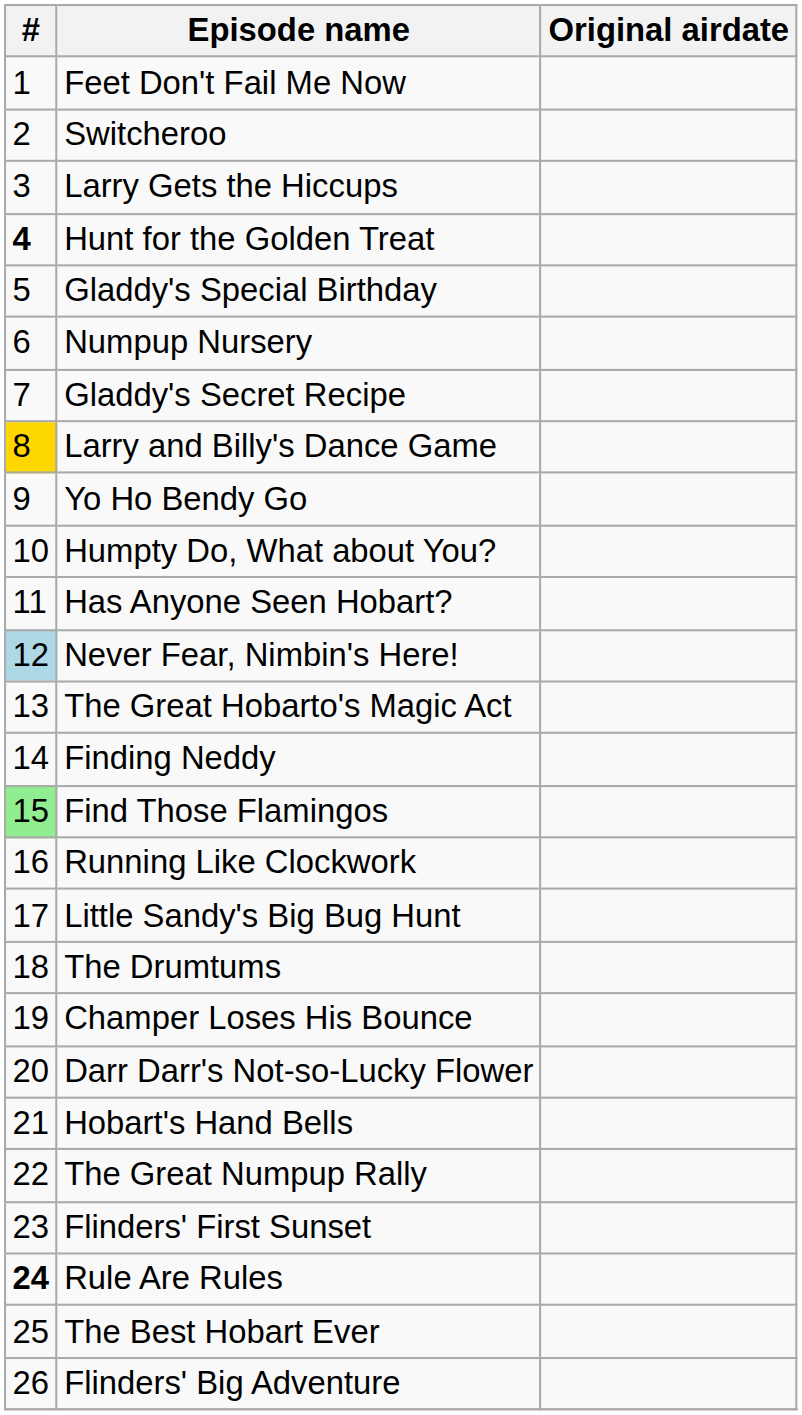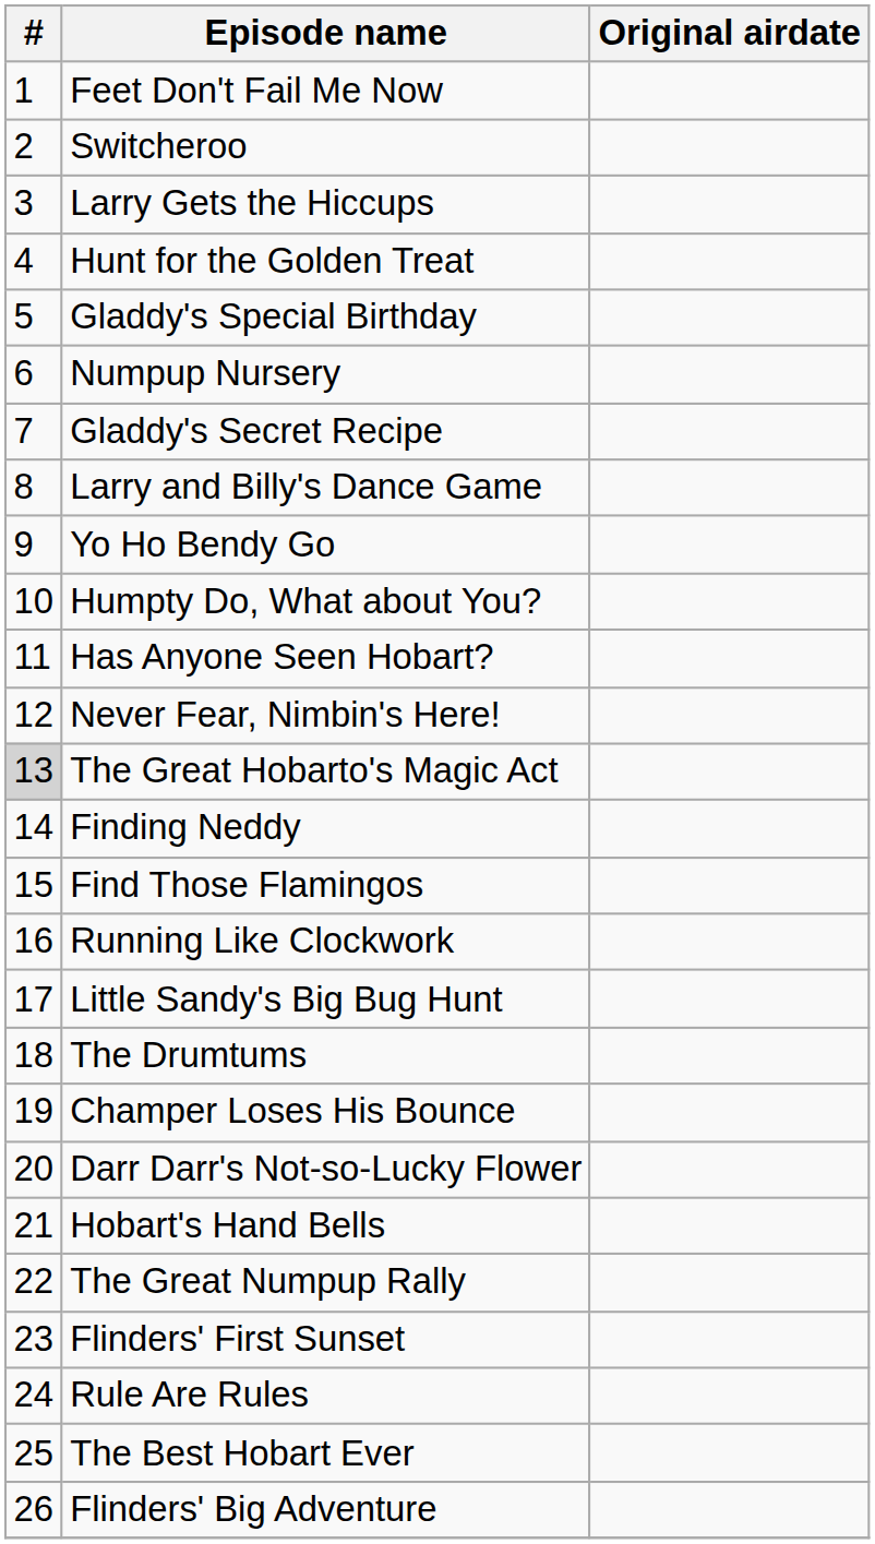 <table class="wikitable">
 <tr>
 <th>#</th>
 <th>Episode name</th>
 <th>Original airdate</th>
 </tr>
 <tr>
 <td>1</td>
 <td>Feet Don't Fail Me Now</td>
 <td></td>
 </tr>
 <tr>
 <td>2</td>
 <td>Switcheroo</td>
 <td></td>
 </tr>
 <tr>
 <td>3</td>
 <td>Larry Gets the Hiccups</td>
 <td></td>
 </tr>
 <tr>
-<td><strong>4</strong></td>
+<td>4</td>
 <td>Hunt for the Golden Treat</td>
 <td></td>
 </tr>
 <tr>
 <td>5</td>
 <td>Gladdy's Special Birthday</td>
 <td></td>
 </tr>
 <tr>
 <td>6</td>
 <td>Numpup Nursery</td>
 <td></td>
 </tr>
 <tr>
 <td>7</td>
 <td>Gladdy's Secret Recipe</td>
 <td></td>
 </tr>
 <tr>
-<td style="background: gold;">8</td>
+<td>8</td>
 <td>Larry and Billy's Dance Game</td>
 <td></td>
 </tr>
 <tr>
 <td>9</td>
 <td>Yo Ho Bendy Go</td>
 <td></td>
 </tr>
 <tr>
 <td>10</td>
 <td>Humpty Do, What about You?</td>
 <td></td>
 </tr>
 <tr>
 <td>11</td>
 <td>Has Anyone Seen Hobart?</td>
 <td></td>
 </tr>
 <tr>
-<td style="background: lightblue;">12</td>
+<td>12</td>
 <td>Never Fear, Nimbin's Here!</td>
 <td></td>
 </tr>
 <tr>
-<td>13</td>
+<td style="background: lightgrey;">13</td>
 <td>The Great Hobarto's Magic Act</td>
 <td></td>
 </tr>
 <tr>
 <td>14</td>
 <td>Finding Neddy</td>
 <td></td>
 </tr>
 <tr>
-<td style="background: lightgreen;">15</td>
+<td>15</td>
 <td>Find Those Flamingos</td>
 <td></td>
 </tr>
 <tr>
 <td>16</td>
 <td>Running Like Clockwork</td>
 <td></td>
 </tr>
 <tr>
 <td>17</td>
 <td>Little Sandy's Big Bug Hunt</td>
 <td></td>
 </tr>
 <tr>
 <td>18</td>
 <td>The Drumtums</td>
 <td></td>
 </tr>
 <tr>
 <td>19</td>
 <td>Champer Loses His Bounce</td>
 <td></td>
 </tr>
 <tr>
 <td>20</td>
 <td>Darr Darr's Not-so-Lucky Flower</td>
 <td></td>
 </tr>
 <tr>
 <td>21</td>
 <td>Hobart's Hand Bells</td>
 <td></td>
 </tr>
 <tr>
 <td>22</td>
 <td>The Great Numpup Rally</td>
 <td></td>
 </tr>
 <tr>
 <td>23</td>
 <td>Flinders' First Sunset</td>
 <td></td>
 </tr>
 <tr>
-<td><strong>24</strong></td>
+<td>24</td>
 <td>Rule Are Rules</td>
 <td></td>
 </tr>
 <tr>
 <td>25</td>
 <td>The Best Hobart Ever</td>
 <td></td>
 </tr>
 <tr>
 <td>26</td>
 <td>Flinders' Big Adventure</td>
 <td></td>
 </tr>
 <tr>
 </tr>
 </table>
